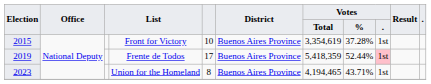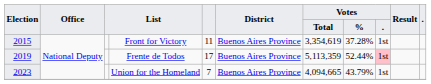 <table class="wikitable" style="font-size:90%; text-align:center;">
 <tr>
 <th style="background-color:#EAECF0;" rowspan=2>Election</th>
 <th style="background-color:#EAECF0;" rowspan=2>Office</th>
 <th style="background-color:#EAECF0;" colspan=2 rowspan=2>List</th>
 <th style="background-color:#EAECF0;" rowspan=2></th>
 <th style="background-color:#EAECF0;" rowspan=2>District</th>
 <th style="background-color:#EAECF0;" colspan=3>Votes</th>
 <th style="background-color:#EAECF0;" rowspan=2>Result</th>
 <th style="background-color:#EAECF0;" rowspan=2>.</th>
 </tr>
 <tr>
 <th style="background-color:#EAECF0;">Total</th>
 <th style="background-color:#EAECF0;">%</th>
 <th style="background-color:#EAECF0;">.</th>
 </tr>
 <tr>
 <td style="background-color:#EAECF0;"><a href='#'>2015</a></td>
 <td rowspan="3"><a href='#'>National Deputy</a></td>
 <td style="background-color:"></td>
 <td><a href='#'>Front for Victory</a></td>
-<td>10</td>
+<td>11</td>
 <td><a href='#'>Buenos Aires Province</a></td>
 <td>3,354,619</td>
 <td>37.28%</td>
 <td>1st</td>
 <td></td>
 <td></td>
 </tr>
 <tr>
 <td style="background-color:#EAECF0;"><a href='#'>2019</a></td>
 <td style="background-color:"></td>
 <td><a href='#'>Frente de Todos</a></td>
 <td>17</td>
 <td><a href='#'>Buenos Aires Province</a></td>
-<td>5,418,359</td>
+<td>5,113,359</td>
 <td>52.44%</td>
 <td style="background: pink;">1st</td>
 <td></td>
 <td></td>
 </tr>
 <tr>
 <td style="background-color:#EAECF0;"><a href='#'>2023</a></td>
 <td style="background-color:"></td>
 <td><a href='#'>Union for the Homeland</a></td>
-<td>8</td>
+<td>7</td>
 <td><a href='#'>Buenos Aires Province</a></td>
-<td>4,194,465</td>
-<td>43.71%</td>
+<td>4,094,665</td>
+<td>43.79%</td>
 <td>1st</td>
 <td></td>
 <td></td>
 </tr>
 <tr>
 </tr>
 </table>
